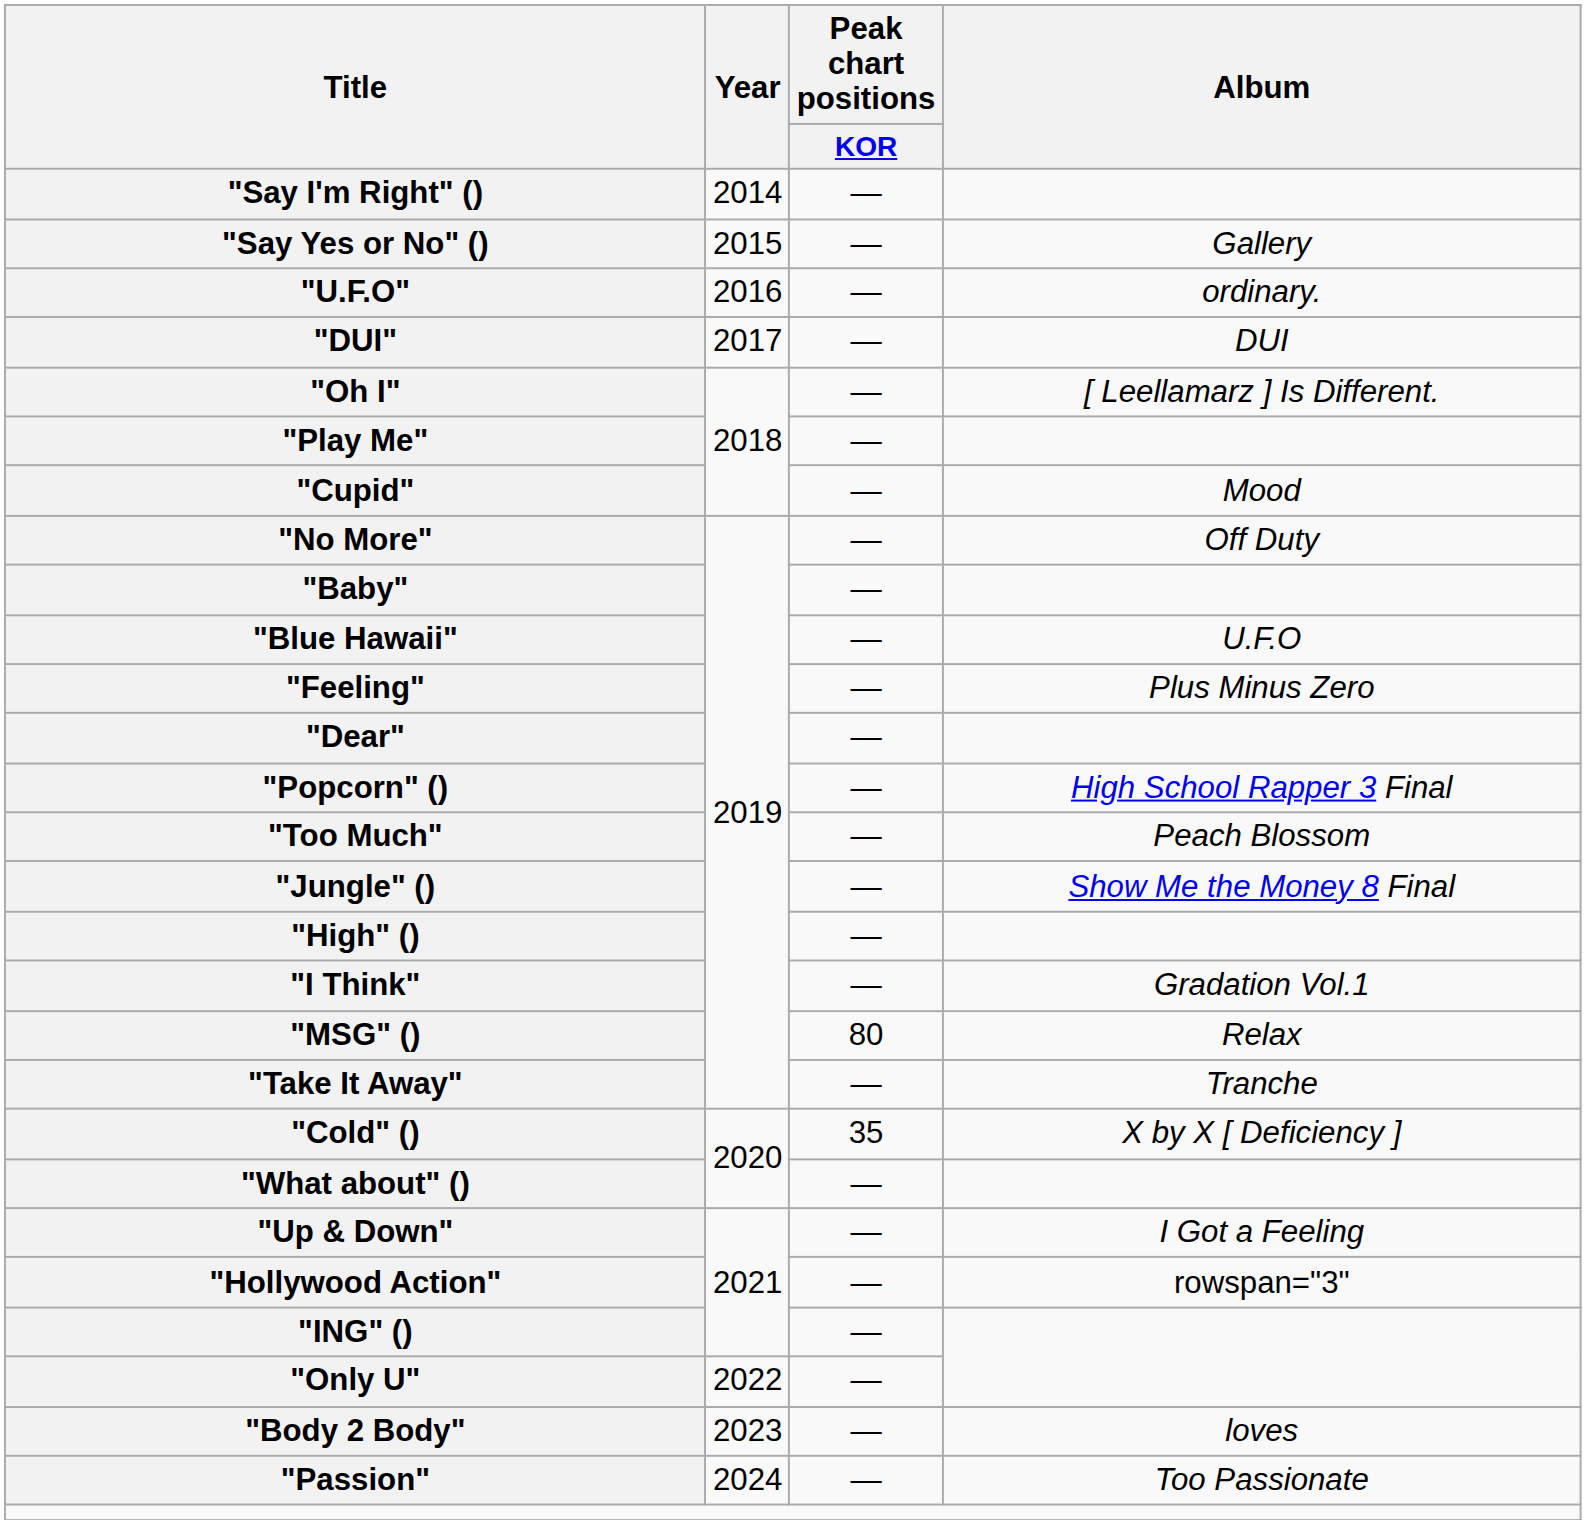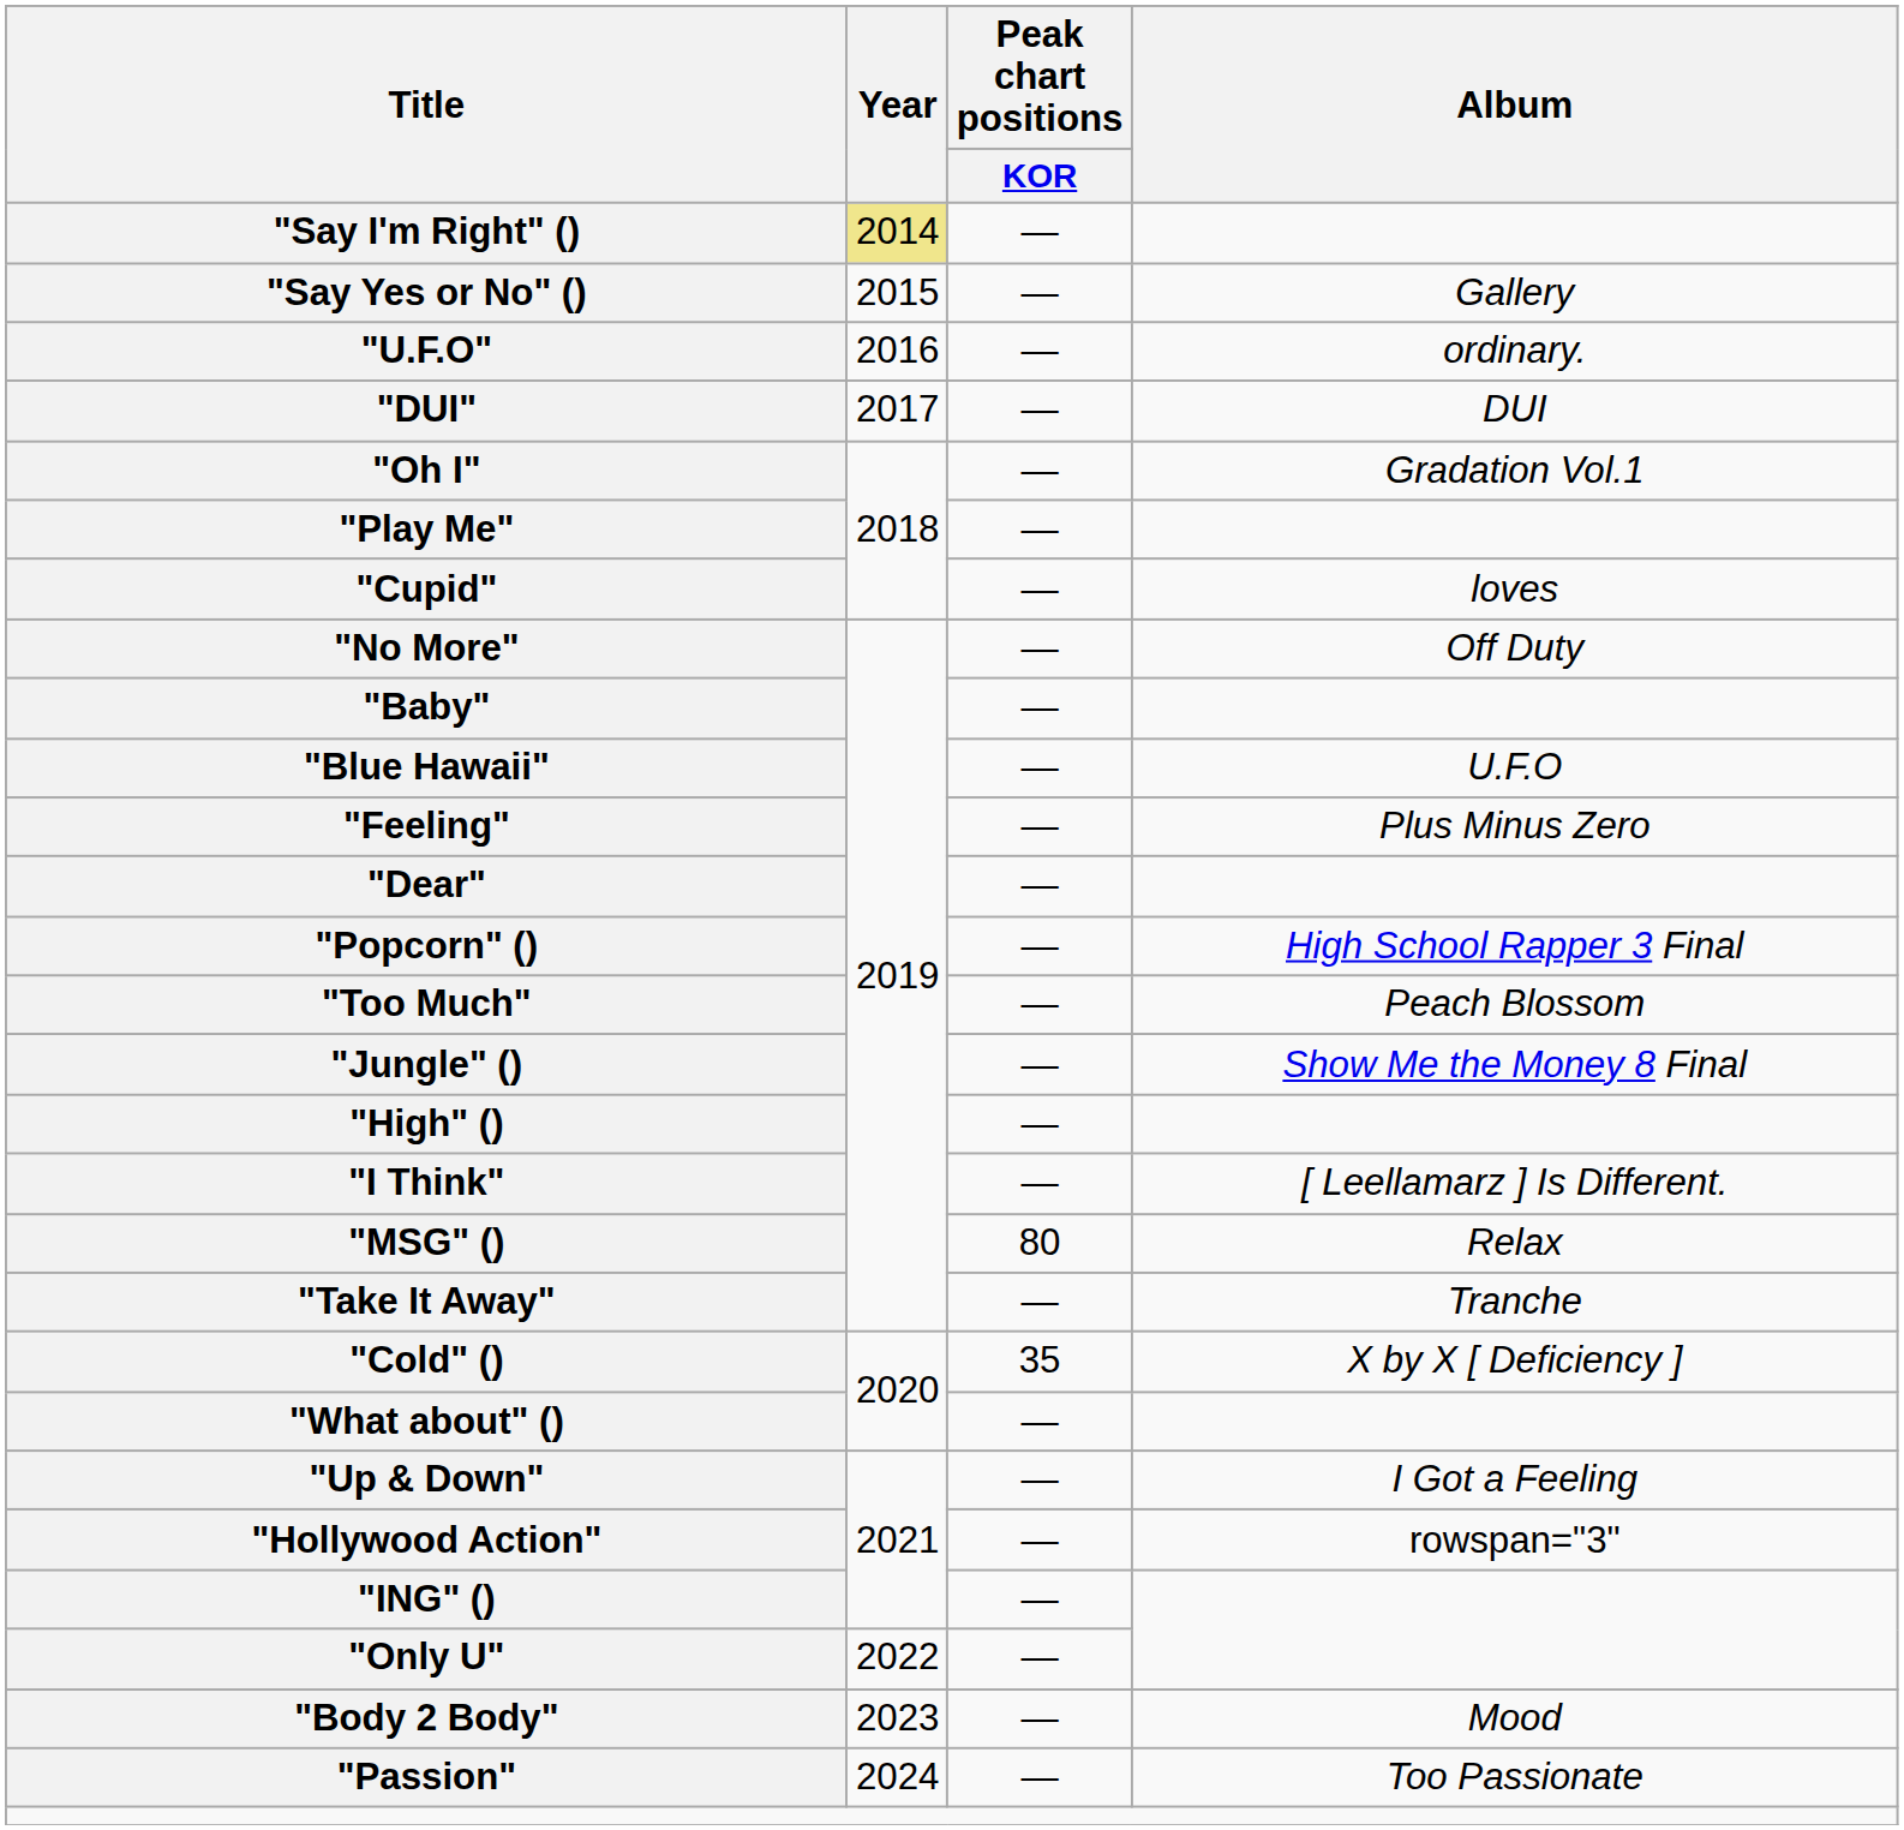 <table class="wikitable plainrowheaders" style="text-align:center;">
 <tr>
 <th scope="col" rowspan="2" style="width:22em;">Title</th>
 <th rowspan="2" scope="col">Year</th>
 <th colspan="1" scope="col">Peak chart positions</th>
 <th scope="col" rowspan="2" style="width:20em;">Album</th>
 </tr>
 <tr>
 <th scope="col" style="width:2.5em;font-size:90%;"><a href='#'>KOR</a><br></th>
 </tr>
 <tr>
 <th scope="row">"Say I'm Right" () </th>
-<td>2014</td>
+<td style="background: khaki;">2014</td>
 <td>—</td>
 <td></td>
 </tr>
 <tr>
 <th scope="row">"Say Yes or No" () </th>
 <td>2015</td>
 <td>—</td>
 <td><em>Gallery</em></td>
 </tr>
 <tr>
 <th scope="row">"U.F.O" </th>
 <td>2016</td>
 <td>—</td>
 <td><em>ordinary.</em></td>
 </tr>
 <tr>
 <th scope="row">"DUI" </th>
 <td>2017</td>
 <td>—</td>
 <td><em>DUI</em></td>
 </tr>
 <tr>
 <th scope="row">"Oh I" </th>
 <td rowspan="3">2018</td>
 <td>—</td>
-<td><em>[ Leellamarz ] Is Different.</em></td>
+<td><em>Gradation Vol.1</em></td>
 </tr>
 <tr>
 <th scope="row">"Play Me" </th>
 <td>—</td>
 <td></td>
 </tr>
 <tr>
 <th scope="row">"Cupid" </th>
 <td>—</td>
-<td><em>Mood</em></td>
+<td><em>loves</em></td>
 </tr>
 <tr>
 <th scope="row">"No More" </th>
 <td rowspan="12">2019</td>
 <td>—</td>
 <td><em>Off Duty</em></td>
 </tr>
 <tr>
 <th scope="row">"Baby" </th>
 <td>—</td>
 <td></td>
 </tr>
 <tr>
 <th scope="row">"Blue Hawaii" </th>
 <td>—</td>
 <td><em>U.F.O</em></td>
 </tr>
 <tr>
 <th scope="row">"Feeling" </th>
 <td>—</td>
 <td><em>Plus Minus Zero</em></td>
 </tr>
 <tr>
 <th scope="row">"Dear" </th>
 <td>—</td>
 <td></td>
 </tr>
 <tr>
 <th scope="row">"Popcorn" () </th>
 <td>—</td>
 <td><em><a href='#'>High School Rapper 3</a> Final</em></td>
 </tr>
 <tr>
 <th scope="row">"Too Much" </th>
 <td>—</td>
 <td><em>Peach Blossom</em></td>
 </tr>
 <tr>
 <th scope="row">"Jungle" () </th>
 <td>—</td>
 <td><em><a href='#'>Show Me the Money 8</a> Final</em></td>
 </tr>
 <tr>
 <th scope="row">"High" () </th>
 <td>—</td>
 <td></td>
 </tr>
 <tr>
 <th scope="row">"I Think" </th>
 <td>—</td>
-<td><em>Gradation Vol.1</em></td>
+<td><em>[ Leellamarz ] Is Different.</em></td>
 </tr>
 <tr>
 <th scope="row">"MSG" () </th>
 <td>80</td>
 <td><em>Relax</em></td>
 </tr>
 <tr>
 <th scope="row">"Take It Away" </th>
 <td>—</td>
 <td><em>Tranche</em></td>
 </tr>
 <tr>
 <th scope="row">"Cold" () </th>
 <td rowspan="2">2020</td>
 <td>35</td>
 <td><em>X by X [ Deficiency ]</em></td>
 </tr>
 <tr>
 <th scope="row">"What about" () </th>
 <td>—</td>
 <td></td>
 </tr>
 <tr>
 <th scope="row">"Up & Down" </th>
 <td rowspan="3">2021</td>
 <td>—</td>
 <td><em>I Got a Feeling</em></td>
 </tr>
 <tr>
 <th scope="row">"Hollywood Action" </th>
 <td>—</td>
 <td>rowspan="3" </td>
 </tr>
 <tr>
 <th scope="row">"ING" () </th>
 <td>—</td>
 </tr>
 <tr>
 <th scope="row">"Only U" </th>
 <td>2022</td>
 <td>—</td>
 </tr>
 <tr>
 <th scope="row">"Body 2 Body" </th>
 <td>2023</td>
 <td>—</td>
-<td><em>loves</em></td>
+<td><em>Mood</em></td>
 </tr>
 <tr>
 <th scope="row">"Passion" </th>
 <td>2024</td>
 <td>—</td>
 <td><em>Too Passionate</em></td>
 </tr>
 <tr>
 <td colspan="4"></td>
 </tr>
 </table>
